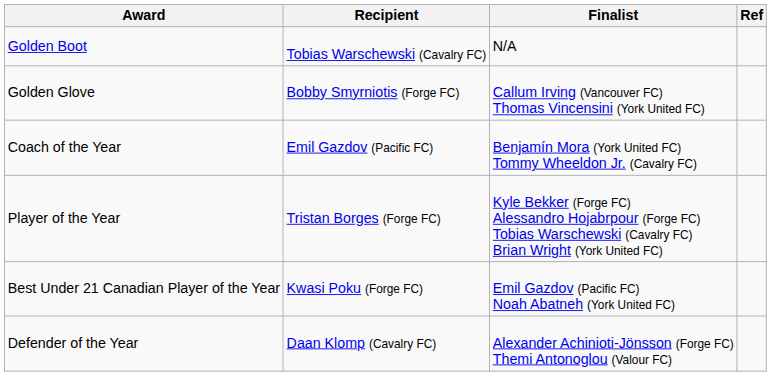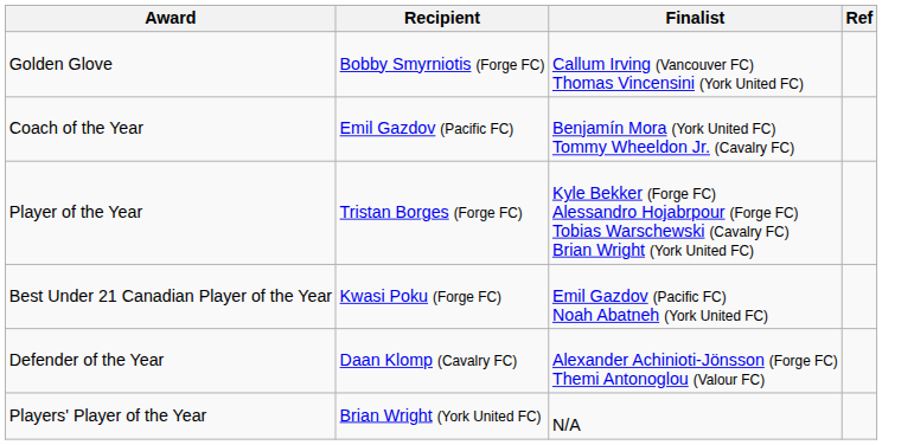 <table class="wikitable">
 <tr>
 <th>Award</th>
 <th>Recipient</th>
 <th>Finalist</th>
 <th>Ref</th>
-</tr>
-<tr>
-<td><a href='#'>Golden Boot</a></td>
-<td><br> <a href='#'>Tobias Warschewski</a> <small>(Cavalry FC)</small></td>
-<td>N/A</td>
-<td></td>
 </tr>
 <tr>
 <td>Golden Glove</td>
 <td> <a href='#'>Bobby Smyrniotis</a> <small>(Forge FC)</small></td>
 <td><br> <a href='#'>Callum Irving</a> <small>(Vancouver FC)</small><br>  <a href='#'>Thomas Vincensini</a> <small>(York United FC)</small></td>
 <td></td>
 </tr>
 <tr>
 <td>Coach of the Year</td>
 <td> <a href='#'>Emil Gazdov</a> <small>(Pacific FC)</small></td>
 <td><br> <a href='#'>Benjamín Mora</a> <small>(York United FC)</small><br>  <a href='#'>Tommy Wheeldon Jr.</a> <small>(Cavalry FC)</small></td>
 <td></td>
 </tr>
 <tr>
 <td>Player of the Year</td>
 <td> <a href='#'>Tristan Borges</a> <small>(Forge FC)</small></td>
 <td><br> <a href='#'>Kyle Bekker</a> <small>(Forge FC)</small><br>  <a href='#'>Alessandro Hojabrpour</a> <small>(Forge FC)</small><br>  <a href='#'>Tobias Warschewski</a> <small>(Cavalry FC)</small><br>  <a href='#'>Brian Wright</a> <small>(York United FC)</small></td>
 <td></td>
 </tr>
 <tr>
 <td>Best Under 21 Canadian Player of the Year</td>
 <td> <a href='#'>Kwasi Poku</a> <small>(Forge FC)</small></td>
 <td><br> <a href='#'>Emil Gazdov</a> <small>(Pacific FC)</small><br>  <a href='#'>Noah Abatneh</a> <small>(York United FC)</small></td>
 <td></td>
 </tr>
 <tr>
 <td>Defender of the Year</td>
 <td> <a href='#'>Daan Klomp</a> <small>(Cavalry FC)</small></td>
 <td><br> <a href='#'>Alexander Achinioti-Jönsson</a> <small>(Forge FC)</small><br>  <a href='#'>Themi Antonoglou</a> <small>(Valour FC)</small></td>
 <td></td>
 </tr>
+<tr>
+<td>Players' Player of the Year</td>
+<td> <a href='#'>Brian Wright</a> <small>(York United FC)</small></td>
+<td><br>N/A</td>
+<td></td>
+</tr>
 </table>
